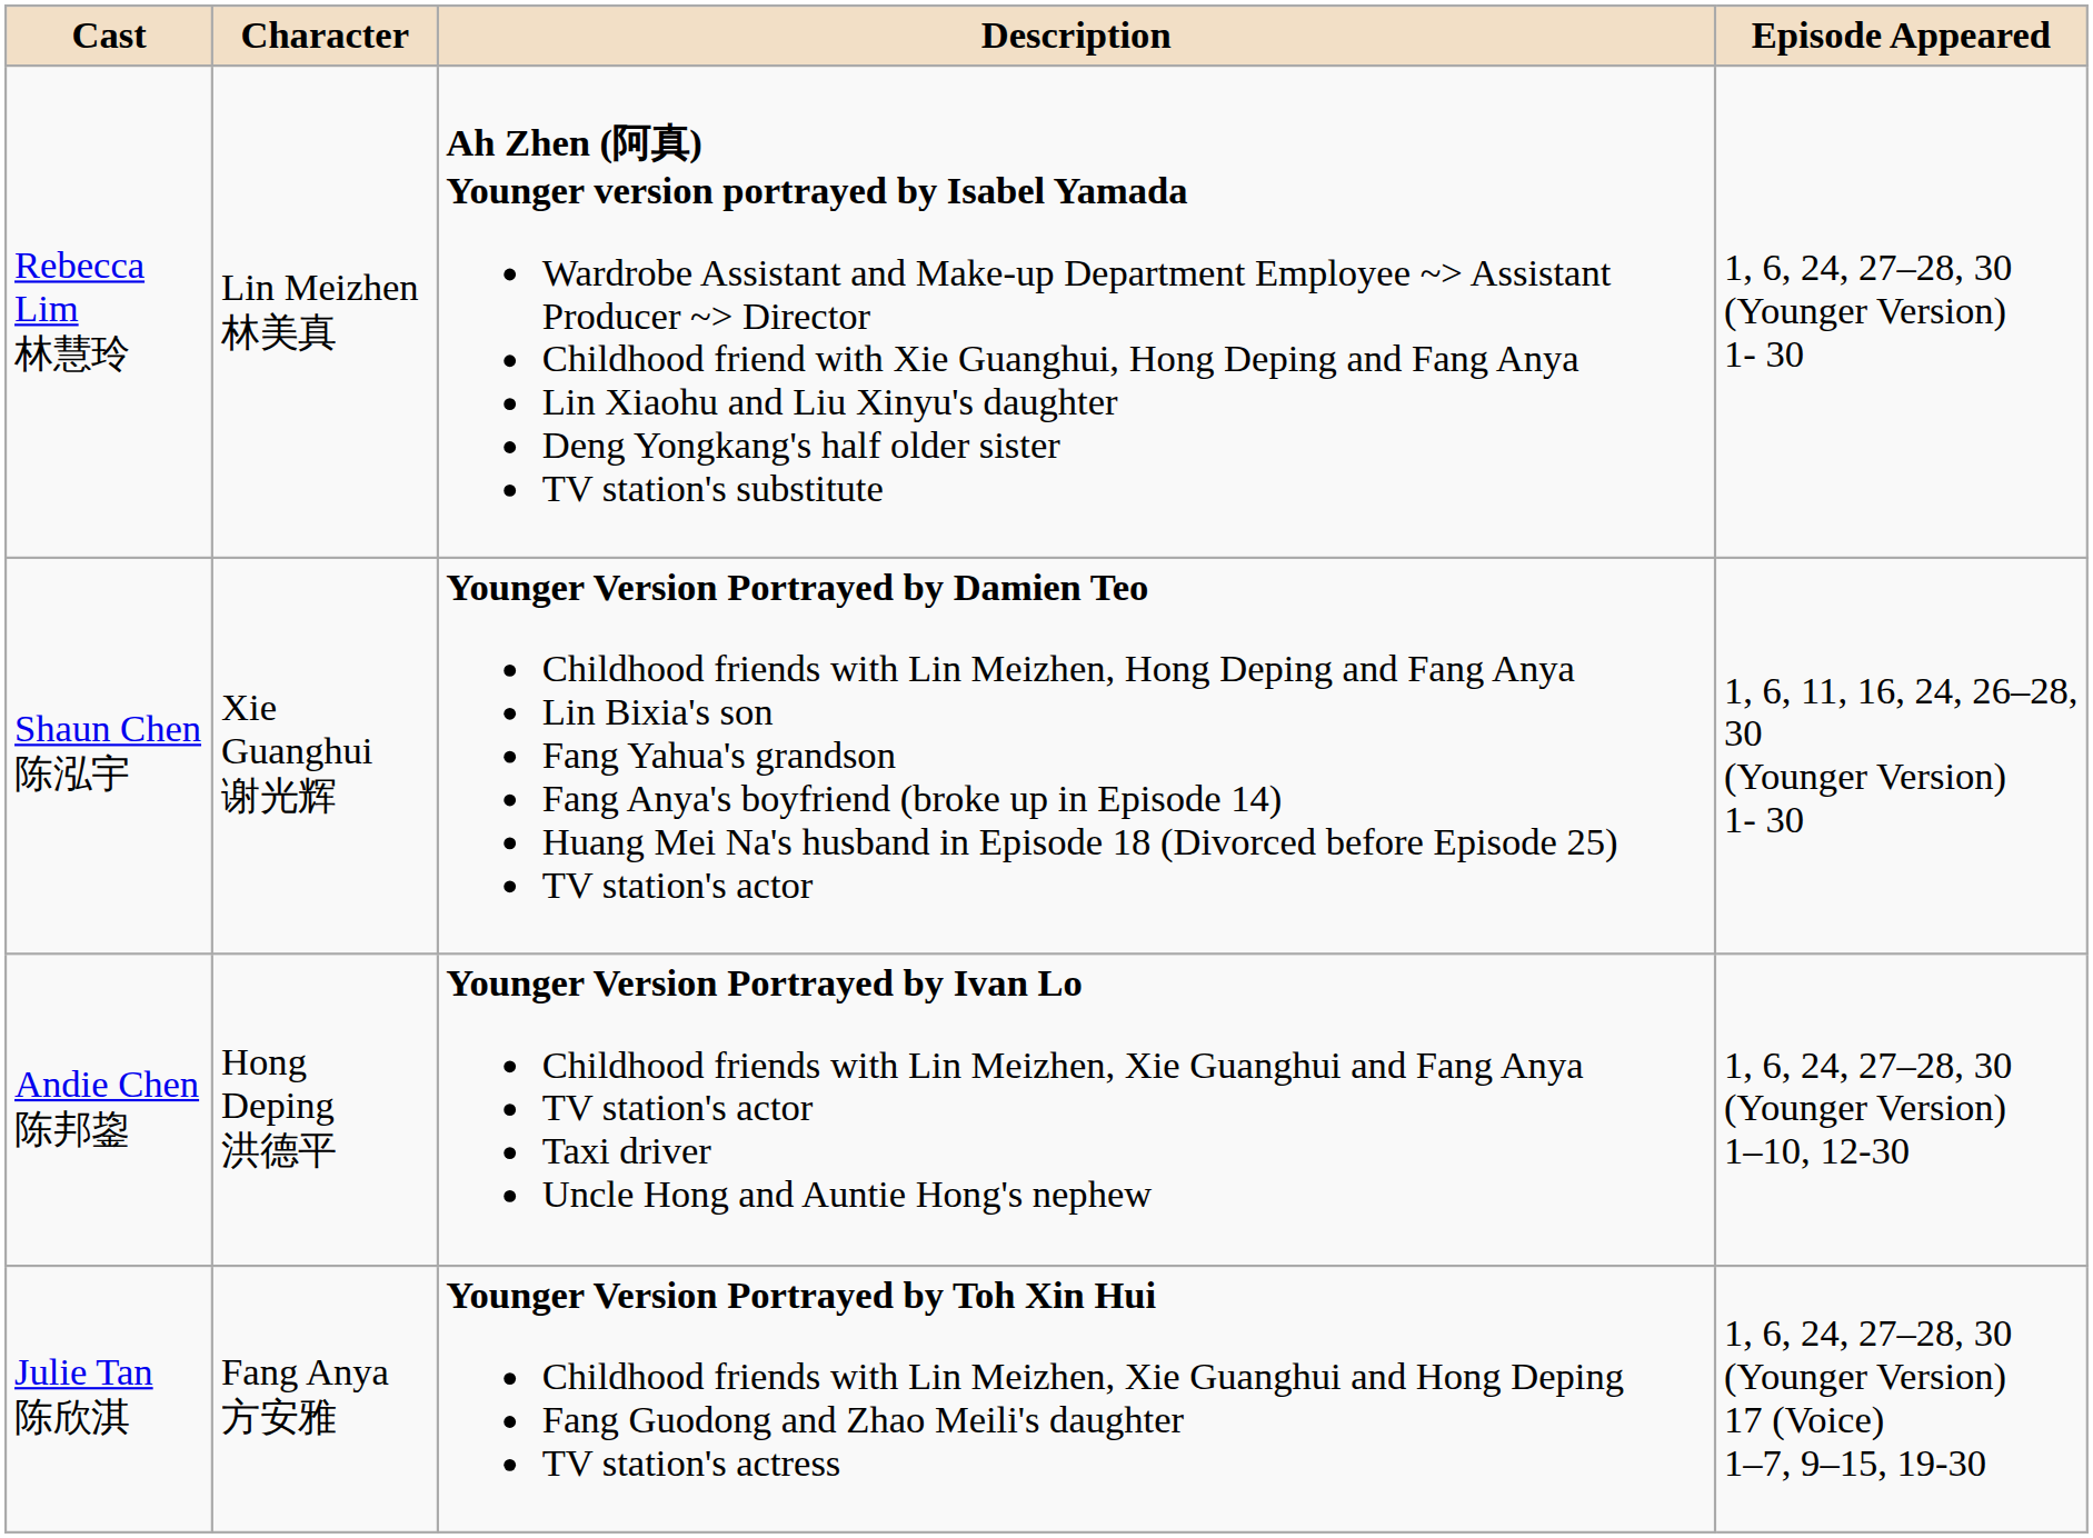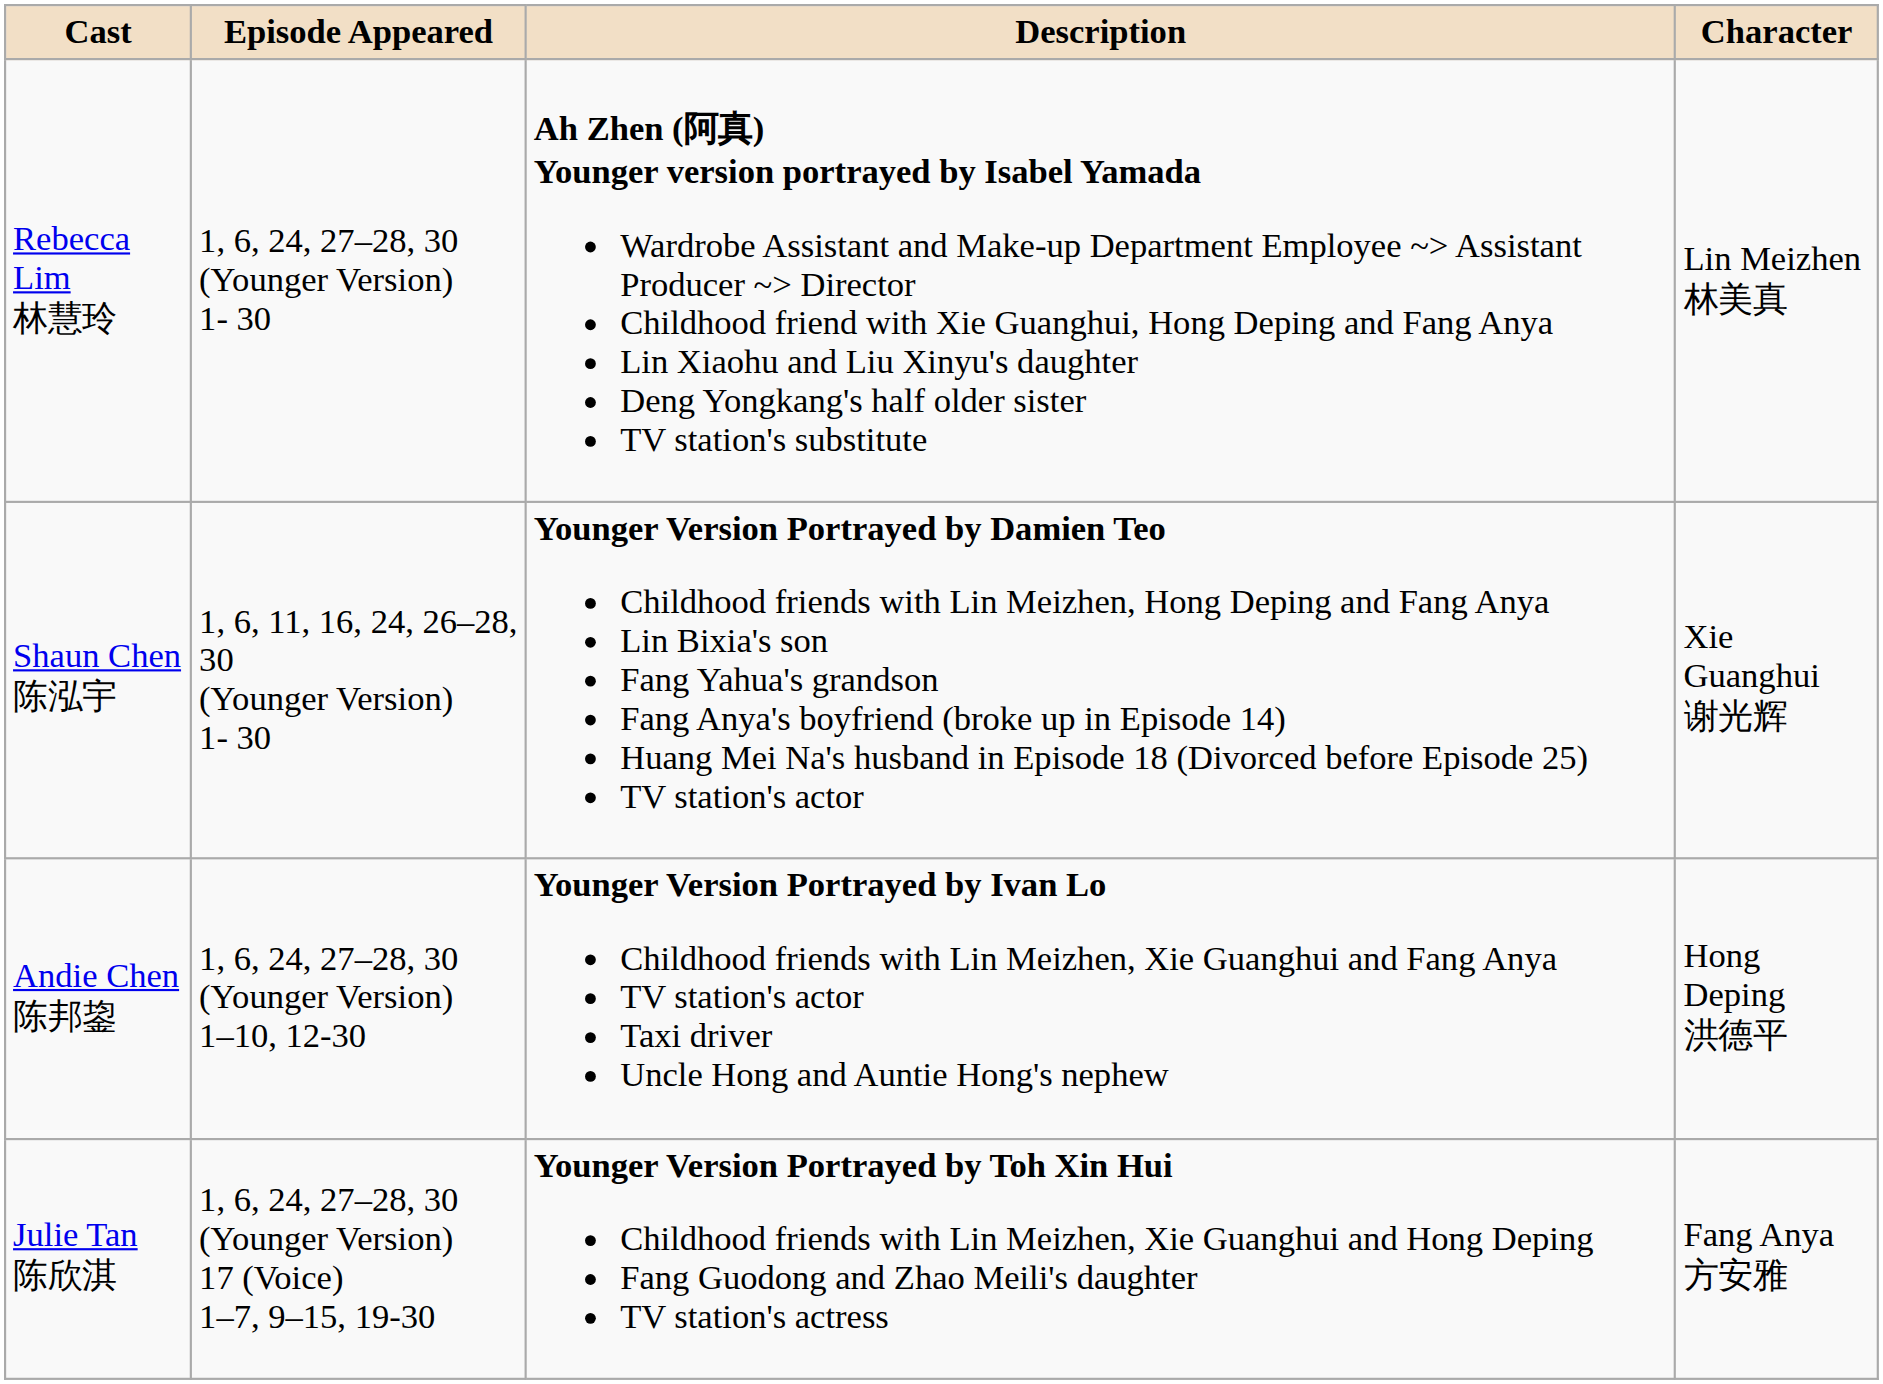 <table class="wikitable">
 <tr>
 <th style="background:#f2dfc6">Cast</th>
+<th style="background:#f2dfc6">Episode Appeared</th>
+<th style="background:#f2dfc6">Description</th>
 <th style="background:#f2dfc6">Character</th>
-<th style="background:#f2dfc6">Description</th>
-<th style="background:#f2dfc6">Episode Appeared</th>
 </tr>
 <tr>
 <td><a href='#'>Rebecca Lim</a> <br> 林慧玲</td>
+<td>1, 6, 24, 27–28, 30 <br> (Younger Version) <br> 1- 30</td>
+<td><br><strong>Ah Zhen (阿真)</strong> <br> <strong>Younger version portrayed by Isabel Yamada</strong><ul><li>Wardrobe Assistant and Make-up Department Employee ~> Assistant Producer ~> Director</li><li>Childhood friend with Xie Guanghui, Hong Deping and Fang Anya</li><li>Lin Xiaohu and Liu Xinyu's daughter</li><li>Deng Yongkang's half older sister</li><li>TV station's substitute</li></ul></td>
 <td>Lin Meizhen <br> 林美真</td>
-<td><br><strong>Ah Zhen (阿真)</strong> <br> <strong>Younger version portrayed by Isabel Yamada</strong><ul><li>Wardrobe Assistant and Make-up Department Employee ~> Assistant Producer ~> Director</li><li>Childhood friend with Xie Guanghui, Hong Deping and Fang Anya</li><li>Lin Xiaohu and Liu Xinyu's daughter</li><li>Deng Yongkang's half older sister</li><li>TV station's substitute</li></ul></td>
-<td>1, 6, 24, 27–28, 30 <br> (Younger Version) <br> 1- 30</td>
 </tr>
 <tr>
 <td><a href='#'>Shaun Chen</a> <br> 陈泓宇</td>
+<td>1, 6, 11, 16, 24, 26–28, 30 <br> (Younger Version) <br> 1- 30</td>
+<td><strong>Younger Version Portrayed by Damien Teo</strong><br><ul><li>Childhood friends with Lin Meizhen, Hong Deping and Fang Anya</li><li>Lin Bixia's son</li><li>Fang Yahua's grandson</li><li>Fang Anya's boyfriend (broke up in Episode 14)</li><li>Huang Mei Na's husband in Episode 18 (Divorced before Episode 25)</li><li>TV station's actor</li></ul></td>
 <td>Xie Guanghui <br> 谢光辉</td>
-<td><strong>Younger Version Portrayed by Damien Teo</strong><br><ul><li>Childhood friends with Lin Meizhen, Hong Deping and Fang Anya</li><li>Lin Bixia's son</li><li>Fang Yahua's grandson</li><li>Fang Anya's boyfriend (broke up in Episode 14)</li><li>Huang Mei Na's husband in Episode 18 (Divorced before Episode 25)</li><li>TV station's actor</li></ul></td>
-<td>1, 6, 11, 16, 24, 26–28, 30 <br> (Younger Version) <br> 1- 30</td>
 </tr>
 <tr>
 <td><a href='#'>Andie Chen</a> <br> 陈邦鋆</td>
+<td>1, 6, 24, 27–28, 30 <br> (Younger Version) <br> 1–10, 12-30</td>
+<td><strong>Younger Version Portrayed by Ivan Lo</strong><br><ul><li>Childhood friends with Lin Meizhen, Xie Guanghui and Fang Anya</li><li>TV station's actor</li><li>Taxi driver</li><li>Uncle Hong and Auntie Hong's nephew</li></ul></td>
 <td>Hong Deping <br> 洪德平</td>
-<td><strong>Younger Version Portrayed by Ivan Lo</strong><br><ul><li>Childhood friends with Lin Meizhen, Xie Guanghui and Fang Anya</li><li>TV station's actor</li><li>Taxi driver</li><li>Uncle Hong and Auntie Hong's nephew</li></ul></td>
-<td>1, 6, 24, 27–28, 30 <br> (Younger Version) <br> 1–10, 12-30</td>
 </tr>
 <tr>
 <td><a href='#'>Julie Tan</a> <br> 陈欣淇</td>
+<td>1, 6, 24, 27–28, 30 <br> (Younger Version) <br> 17 (Voice) <br> 1–7, 9–15, 19-30</td>
+<td><strong>Younger Version Portrayed by Toh Xin Hui</strong><br><ul><li>Childhood friends with Lin Meizhen, Xie Guanghui and Hong Deping</li><li>Fang Guodong and Zhao Meili's daughter</li><li>TV station's actress</li></ul></td>
 <td>Fang Anya <br> 方安雅</td>
-<td><strong>Younger Version Portrayed by Toh Xin Hui</strong><br><ul><li>Childhood friends with Lin Meizhen, Xie Guanghui and Hong Deping</li><li>Fang Guodong and Zhao Meili's daughter</li><li>TV station's actress</li></ul></td>
-<td>1, 6, 24, 27–28, 30 <br> (Younger Version) <br> 17 (Voice) <br> 1–7, 9–15, 19-30</td>
 </tr>
 </table>
